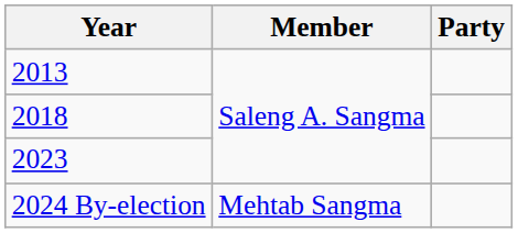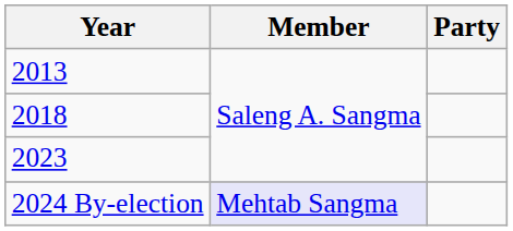 <table class="wikitable sortable">
 <tr>
 <th>Year</th>
 <th>Member</th>
 <th colspan="2">Party</th>
 </tr>
 <tr>
 <td><a href='#'>2013</a></td>
 <td rowspan=3><a href='#'>Saleng A. Sangma</a></td>
 <td></td>
 </tr>
 <tr>
 <td><a href='#'>2018</a></td>
 <td></td>
 </tr>
 <tr>
 <td><a href='#'>2023</a></td>
 <td></td>
 </tr>
 <tr>
 <td><a href='#'>2024 By-election</a></td>
-<td><a href='#'>Mehtab Sangma</a></td>
+<td style="background: lavender;"><a href='#'>Mehtab Sangma</a></td>
 <td></td>
 </tr>
 </table>
